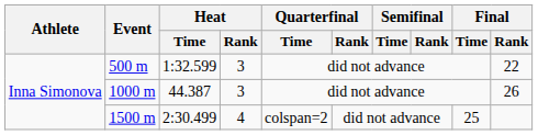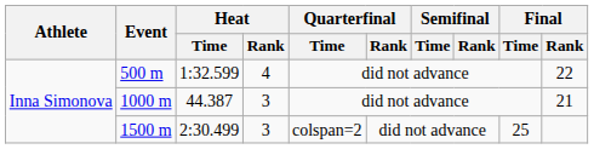 <table class="wikitable" style="font-size:90%">
 <tr>
 <th rowspan=2>Athlete</th>
 <th rowspan=2>Event</th>
 <th colspan=2>Heat</th>
 <th colspan=2>Quarterfinal</th>
 <th colspan=2>Semifinal</th>
 <th colspan=2>Final</th>
 </tr>
 <tr style="font-size:95%">
 <th>Time</th>
 <th>Rank</th>
 <th>Time</th>
 <th>Rank</th>
 <th>Time</th>
 <th>Rank</th>
 <th>Time</th>
 <th>Rank</th>
 </tr>
 <tr align=center>
 <td align=left rowspan=3><a href='#'>Inna Simonova</a></td>
 <td align=left><a href='#'>500 m</a></td>
 <td>1:32.599</td>
-<td>3</td>
+<td>4</td>
 <td colspan=5>did not advance</td>
 <td>22</td>
 </tr>
 <tr align=center>
 <td align=left><a href='#'>1000 m</a></td>
 <td>44.387</td>
 <td>3</td>
 <td colspan=5>did not advance</td>
-<td>26</td>
+<td>21</td>
 </tr>
 <tr align=center>
 <td align=left><a href='#'>1500 m</a></td>
 <td>2:30.499</td>
-<td>4</td>
+<td>3</td>
 <td>colspan=2 </td>
 <td colspan=3>did not advance</td>
 <td>25</td>
 </tr>
 </table>
